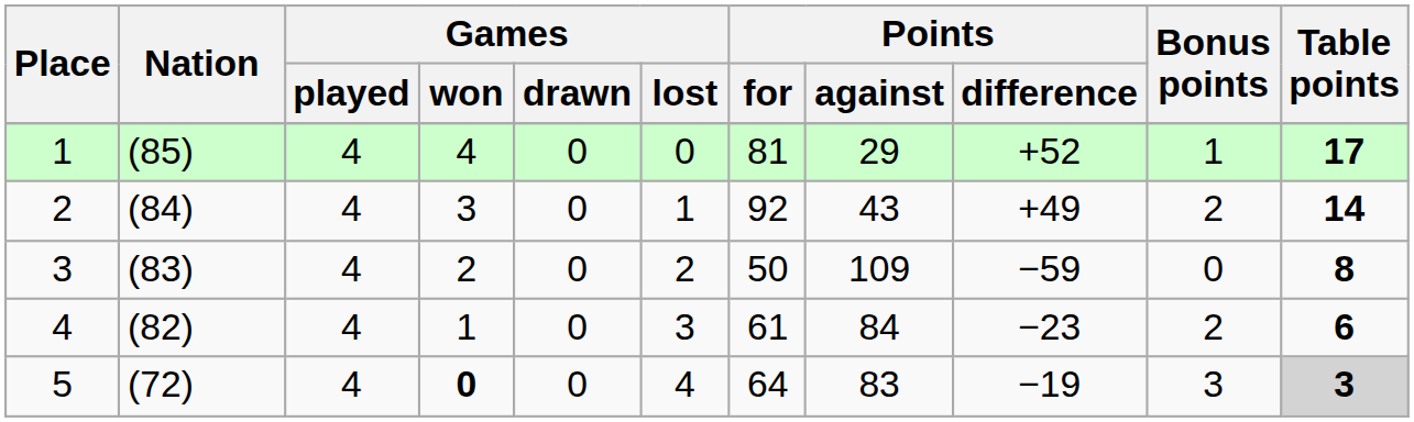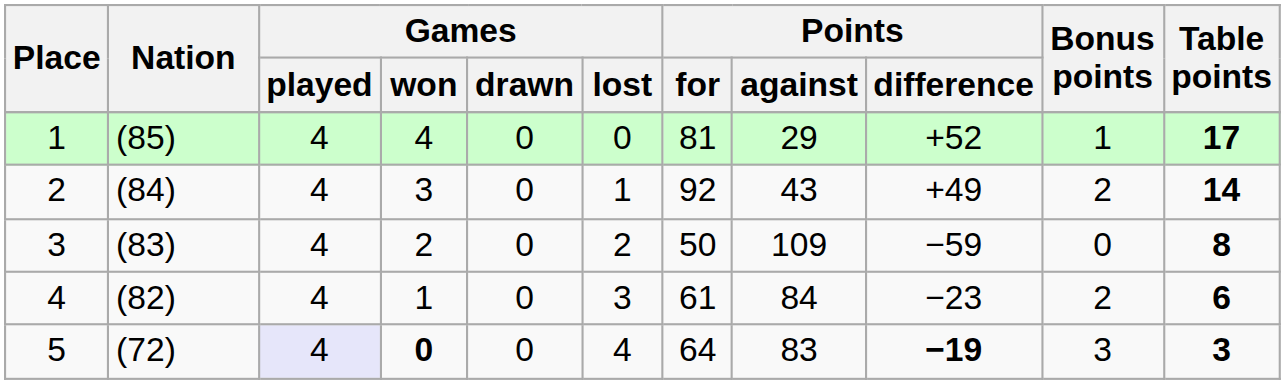 <table class="wikitable">
 <tr>
 <th rowspan=2 width="6%">Place</th>
 <th rowspan=2 width="20%">Nation</th>
 <th colspan=4 width="40%">Games</th>
 <th colspan=3 width="24%">Points</th>
 <th rowspan=2 width="10%">Bonus<br>points</th>
 <th rowspan=2 width="10%">Table<br>points</th>
 </tr>
 <tr>
 <th width="8%">played</th>
 <th width="8%">won</th>
 <th width="8%">drawn</th>
 <th width="8%">lost</th>
 <th width="8%">for</th>
 <th width="8%">against</th>
 <th width="8%">difference</th>
 </tr>
 <tr>
 </tr>
 <tr align=center bgcolor="#ccffcc">
 <td>1</td>
 <td align=left> (85)</td>
 <td>4</td>
 <td>4</td>
 <td>0</td>
 <td>0</td>
 <td>81</td>
 <td>29</td>
 <td>+52</td>
 <td>1</td>
 <td><strong>17</strong></td>
 </tr>
 <tr align=center>
 <td>2</td>
 <td align=left> (84)</td>
 <td>4</td>
 <td>3</td>
 <td>0</td>
 <td>1</td>
 <td>92</td>
 <td>43</td>
 <td>+49</td>
 <td>2</td>
 <td><strong>14</strong></td>
 </tr>
 <tr align=center>
 <td>3</td>
 <td align=left> (83)</td>
 <td>4</td>
 <td>2</td>
 <td>0</td>
 <td>2</td>
 <td>50</td>
 <td>109</td>
 <td>−59</td>
 <td>0</td>
 <td><strong>8</strong></td>
 </tr>
 <tr align=center>
 <td>4</td>
 <td align=left> (82)</td>
 <td>4</td>
 <td>1</td>
 <td>0</td>
 <td>3</td>
 <td>61</td>
 <td>84</td>
 <td>−23</td>
 <td>2</td>
 <td><strong>6</strong></td>
 </tr>
 <tr align=center>
 <td>5</td>
 <td align=left> (72)</td>
-<td>4</td>
+<td style="background: lavender;">4</td>
 <td><strong>0</strong></td>
 <td>0</td>
 <td>4</td>
 <td>64</td>
 <td>83</td>
-<td>−19</td>
+<td><strong>−19</strong></td>
 <td>3</td>
-<td style="background: lightgrey;"><strong>3</strong></td>
+<td><strong>3</strong></td>
 </tr>
 </table>
